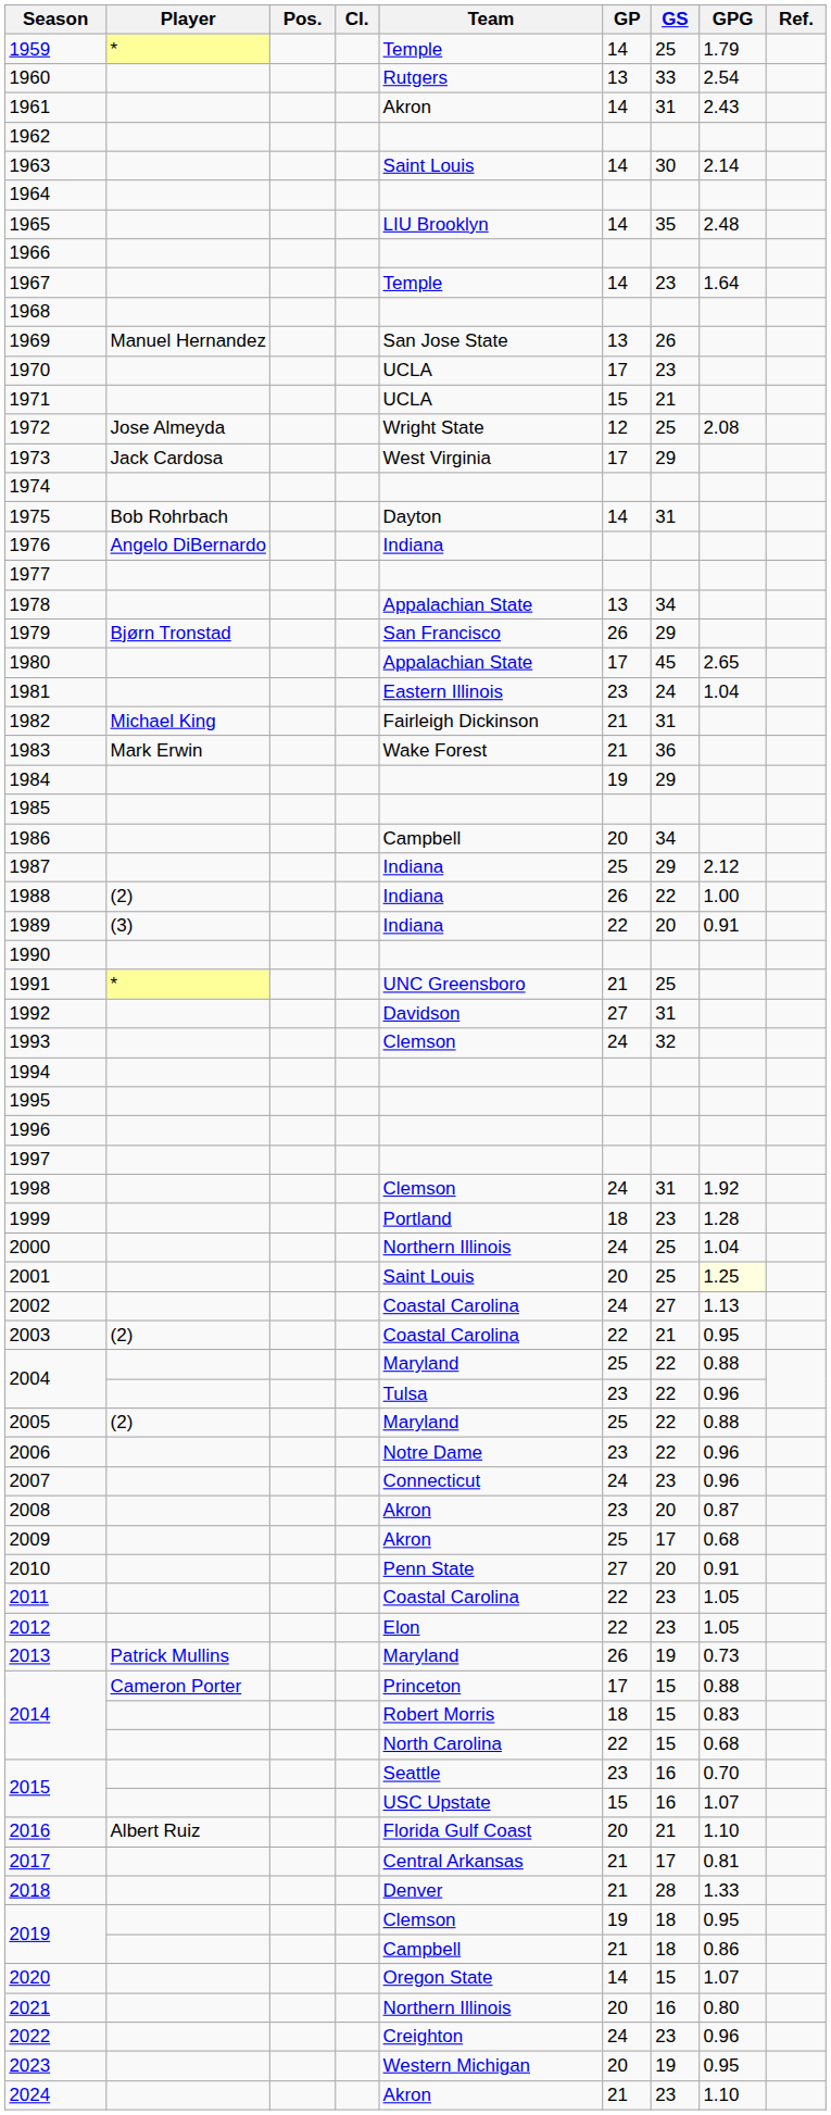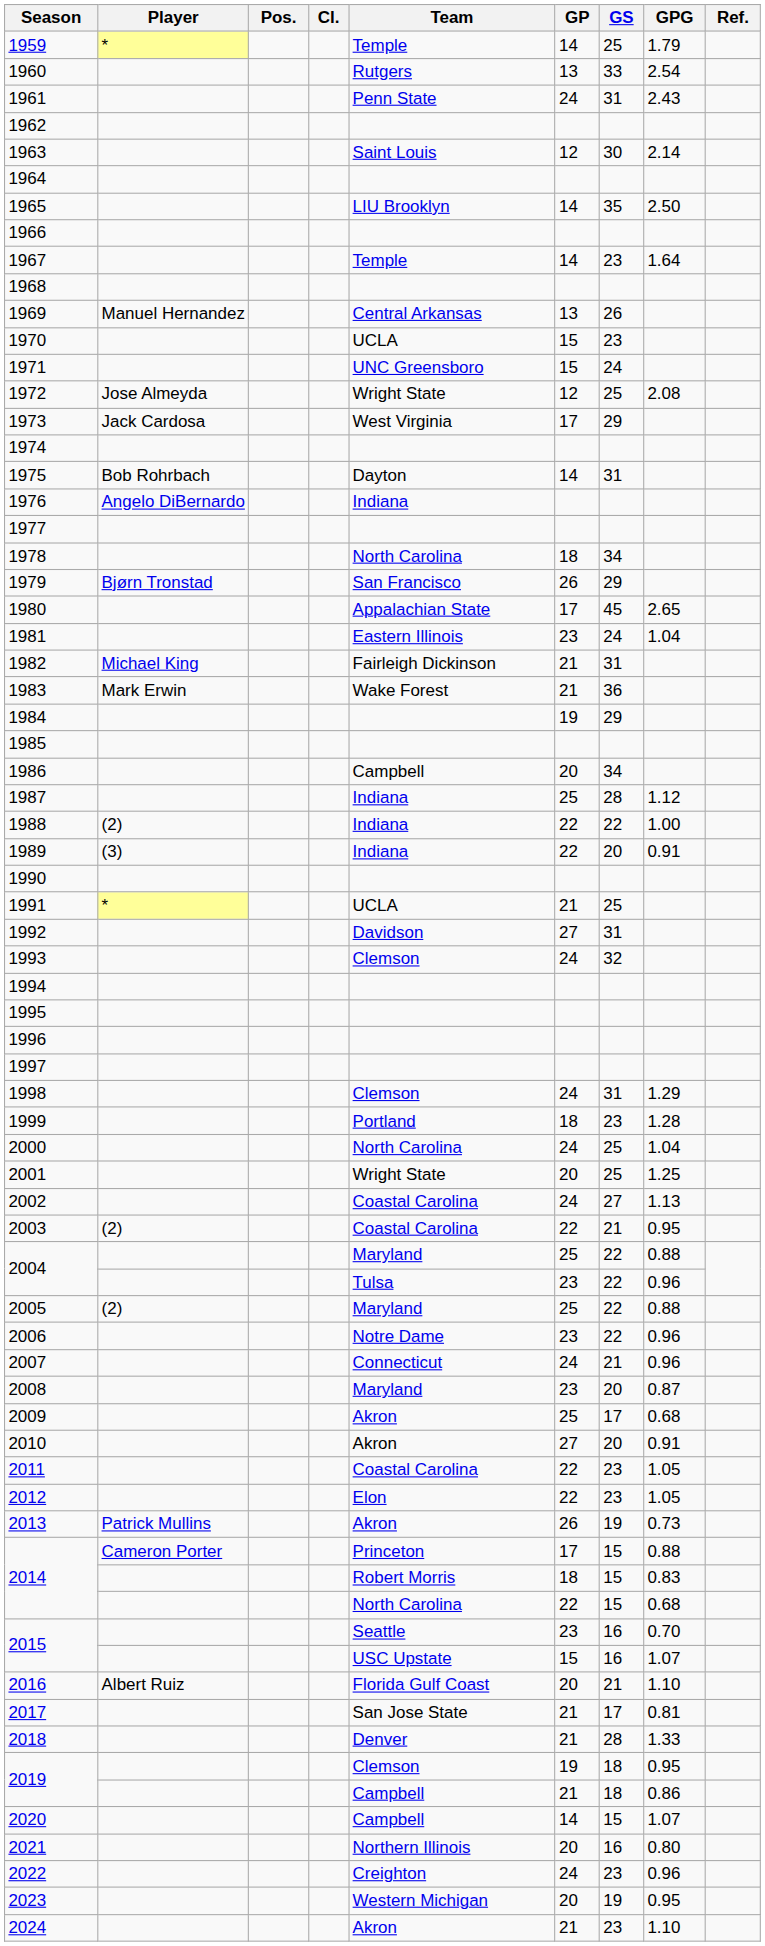 <table class="wikitable sortable">
 <tr>
 <th>Season</th>
 <th width=20%>Player</th>
 <th>Pos.</th>
 <th>Cl.</th>
 <th>Team</th>
 <th>GP</th>
 <th><a href='#'>GS</a></th>
 <th>GPG</th>
 <th>Ref.</th>
 </tr>
 <tr>
 <td><a href='#'>1959</a></td>
 <td style="background-color:#FFFF99;">*</td>
 <td></td>
 <td></td>
 <td><a href='#'>Temple</a></td>
 <td>14</td>
 <td>25</td>
 <td>1.79</td>
 <td></td>
 </tr>
 <tr>
 <td>1960</td>
 <td></td>
 <td></td>
 <td></td>
 <td><a href='#'>Rutgers</a></td>
 <td>13</td>
 <td>33</td>
 <td>2.54</td>
 <td></td>
 </tr>
 <tr>
 <td>1961</td>
 <td></td>
 <td></td>
 <td></td>
-<td>Akron</td>
-<td>14</td>
+<td><a href='#'>Penn State</a></td>
+<td>24</td>
 <td>31</td>
 <td>2.43</td>
 <td></td>
 </tr>
 <tr>
 <td>1962</td>
 <td></td>
 <td></td>
 <td></td>
 <td></td>
 <td></td>
 <td></td>
 <td></td>
 <td></td>
 </tr>
 <tr>
 <td>1963</td>
 <td></td>
 <td></td>
 <td></td>
 <td><a href='#'>Saint Louis</a></td>
-<td>14</td>
+<td>12</td>
 <td>30</td>
 <td>2.14</td>
 <td></td>
 </tr>
 <tr>
 <td>1964</td>
 <td></td>
 <td></td>
 <td></td>
 <td></td>
 <td></td>
 <td></td>
 <td></td>
 <td></td>
 </tr>
 <tr>
 <td>1965</td>
 <td></td>
 <td></td>
 <td></td>
 <td><a href='#'>LIU Brooklyn</a></td>
 <td>14</td>
 <td>35</td>
-<td>2.48</td>
+<td>2.50</td>
 <td></td>
 </tr>
 <tr>
 <td>1966</td>
 <td></td>
 <td></td>
 <td></td>
 <td></td>
 <td></td>
 <td></td>
 <td></td>
 <td></td>
 </tr>
 <tr>
 <td>1967</td>
 <td></td>
 <td></td>
 <td></td>
 <td><a href='#'>Temple</a></td>
 <td>14</td>
 <td>23</td>
 <td>1.64</td>
 <td></td>
 </tr>
 <tr>
 <td>1968</td>
 <td></td>
 <td></td>
 <td></td>
 <td></td>
 <td></td>
 <td></td>
 <td></td>
 <td></td>
 </tr>
 <tr>
 <td>1969</td>
 <td>Manuel Hernandez</td>
 <td></td>
 <td></td>
-<td>San Jose State</td>
+<td><a href='#'>Central Arkansas</a></td>
 <td>13</td>
 <td>26</td>
 <td></td>
 <td></td>
 </tr>
 <tr>
 <td>1970</td>
 <td></td>
 <td></td>
 <td></td>
 <td>UCLA</td>
-<td>17</td>
+<td>15</td>
 <td>23</td>
 <td></td>
 <td></td>
 </tr>
 <tr>
 <td>1971</td>
 <td></td>
 <td></td>
 <td></td>
-<td>UCLA</td>
+<td><a href='#'>UNC Greensboro</a></td>
 <td>15</td>
-<td>21</td>
+<td>24</td>
 <td></td>
 <td></td>
 </tr>
 <tr>
 <td>1972</td>
 <td>Jose Almeyda</td>
 <td></td>
 <td></td>
 <td>Wright State</td>
 <td>12</td>
 <td>25</td>
 <td>2.08</td>
 <td></td>
 </tr>
 <tr>
 <td>1973</td>
 <td>Jack Cardosa</td>
 <td></td>
 <td></td>
 <td>West Virginia</td>
 <td>17</td>
 <td>29</td>
 <td></td>
 <td></td>
 </tr>
 <tr>
 <td>1974</td>
 <td></td>
 <td></td>
 <td></td>
 <td></td>
 <td></td>
 <td></td>
 <td></td>
 <td></td>
 </tr>
 <tr>
 <td>1975</td>
 <td>Bob Rohrbach</td>
 <td></td>
 <td></td>
 <td>Dayton</td>
 <td>14</td>
 <td>31</td>
 <td></td>
 <td></td>
 </tr>
 <tr>
 <td>1976</td>
 <td><a href='#'>Angelo DiBernardo</a></td>
 <td></td>
 <td></td>
 <td><a href='#'>Indiana</a></td>
 <td></td>
 <td></td>
 <td></td>
 <td></td>
 </tr>
 <tr>
 <td>1977</td>
 <td></td>
 <td></td>
 <td></td>
 <td></td>
 <td></td>
 <td></td>
 <td></td>
 <td></td>
 </tr>
 <tr>
 <td>1978</td>
 <td></td>
 <td></td>
 <td></td>
-<td><a href='#'>Appalachian State</a></td>
-<td>13</td>
+<td><a href='#'>North Carolina</a></td>
+<td>18</td>
 <td>34</td>
 <td></td>
 <td></td>
 </tr>
 <tr>
 <td>1979</td>
 <td><a href='#'>Bjørn Tronstad</a></td>
 <td></td>
 <td></td>
 <td><a href='#'>San Francisco</a></td>
 <td>26</td>
 <td>29</td>
 <td></td>
 <td></td>
 </tr>
 <tr>
 <td>1980</td>
 <td></td>
 <td></td>
 <td></td>
 <td><a href='#'>Appalachian State</a></td>
 <td>17</td>
 <td>45</td>
 <td>2.65</td>
 <td></td>
 </tr>
 <tr>
 <td>1981</td>
 <td></td>
 <td></td>
 <td></td>
 <td><a href='#'>Eastern Illinois</a></td>
 <td>23</td>
 <td>24</td>
 <td>1.04</td>
 <td></td>
 </tr>
 <tr>
 <td>1982</td>
 <td><a href='#'>Michael King</a></td>
 <td></td>
 <td></td>
 <td>Fairleigh Dickinson</td>
 <td>21</td>
 <td>31</td>
 <td></td>
 <td></td>
 </tr>
 <tr>
 <td>1983</td>
 <td>Mark Erwin</td>
 <td></td>
 <td></td>
 <td>Wake Forest</td>
 <td>21</td>
 <td>36</td>
 <td></td>
 <td></td>
 </tr>
 <tr>
 <td>1984</td>
 <td></td>
 <td></td>
 <td></td>
 <td></td>
 <td>19</td>
 <td>29</td>
 <td></td>
 <td></td>
 </tr>
 <tr>
 <td>1985</td>
 <td></td>
 <td></td>
 <td></td>
 <td></td>
 <td></td>
 <td></td>
 <td></td>
 <td></td>
 </tr>
 <tr>
 <td>1986</td>
 <td></td>
 <td></td>
 <td></td>
 <td>Campbell</td>
 <td>20</td>
 <td>34</td>
 <td></td>
 <td></td>
 </tr>
 <tr>
 <td>1987</td>
 <td></td>
 <td></td>
 <td></td>
 <td><a href='#'>Indiana</a></td>
 <td>25</td>
-<td>29</td>
-<td>2.12</td>
+<td>28</td>
+<td>1.12</td>
 <td></td>
 </tr>
 <tr>
 <td>1988</td>
 <td> (2)</td>
 <td></td>
 <td></td>
 <td><a href='#'>Indiana</a></td>
-<td>26</td>
+<td>22</td>
 <td>22</td>
 <td>1.00</td>
 <td></td>
 </tr>
 <tr>
 <td>1989</td>
 <td> (3)</td>
 <td></td>
 <td></td>
 <td><a href='#'>Indiana</a></td>
 <td>22</td>
 <td>20</td>
 <td>0.91</td>
 <td></td>
 </tr>
 <tr>
 <td>1990</td>
 <td></td>
 <td></td>
 <td></td>
 <td></td>
 <td></td>
 <td></td>
 <td></td>
 <td></td>
 </tr>
 <tr>
 <td>1991</td>
 <td style="background-color:#FFFF99;">*</td>
 <td></td>
 <td></td>
-<td><a href='#'>UNC Greensboro</a></td>
+<td>UCLA</td>
 <td>21</td>
 <td>25</td>
 <td></td>
 <td></td>
 </tr>
 <tr>
 <td>1992</td>
 <td></td>
 <td></td>
 <td></td>
 <td><a href='#'>Davidson</a></td>
 <td>27</td>
 <td>31</td>
 <td></td>
 <td></td>
 </tr>
 <tr>
 <td>1993</td>
 <td></td>
 <td></td>
 <td></td>
 <td><a href='#'>Clemson</a></td>
 <td>24</td>
 <td>32</td>
 <td></td>
 <td></td>
 </tr>
 <tr>
 <td>1994</td>
 <td></td>
 <td></td>
 <td></td>
 <td></td>
 <td></td>
 <td></td>
 <td></td>
 <td></td>
 </tr>
 <tr>
 <td>1995</td>
 <td></td>
 <td></td>
 <td></td>
 <td></td>
 <td></td>
 <td></td>
 <td></td>
 <td></td>
 </tr>
 <tr>
 <td>1996</td>
 <td></td>
 <td></td>
 <td></td>
 <td></td>
 <td></td>
 <td></td>
 <td></td>
 <td></td>
 </tr>
 <tr>
 <td>1997</td>
 <td></td>
 <td></td>
 <td></td>
 <td></td>
 <td></td>
 <td></td>
 <td></td>
 <td></td>
 </tr>
 <tr>
 <td>1998</td>
 <td></td>
 <td></td>
 <td></td>
 <td><a href='#'>Clemson</a></td>
 <td>24</td>
 <td>31</td>
-<td>1.92</td>
+<td>1.29</td>
 <td></td>
 </tr>
 <tr>
 <td>1999</td>
 <td></td>
 <td></td>
 <td></td>
 <td><a href='#'>Portland</a></td>
 <td>18</td>
 <td>23</td>
 <td>1.28</td>
 <td></td>
 </tr>
 <tr>
 <td>2000</td>
 <td></td>
 <td></td>
 <td></td>
-<td><a href='#'>Northern Illinois</a></td>
+<td><a href='#'>North Carolina</a></td>
 <td>24</td>
 <td>25</td>
 <td>1.04</td>
 <td></td>
 </tr>
 <tr>
 <td>2001</td>
 <td></td>
 <td></td>
 <td></td>
-<td><a href='#'>Saint Louis</a></td>
+<td>Wright State</td>
 <td>20</td>
 <td>25</td>
-<td style="background: lightyellow;">1.25</td>
+<td>1.25</td>
 <td></td>
 </tr>
 <tr>
 <td>2002</td>
 <td></td>
 <td></td>
 <td></td>
 <td><a href='#'>Coastal Carolina</a></td>
 <td>24</td>
 <td>27</td>
 <td>1.13</td>
 <td></td>
 </tr>
 <tr>
 <td>2003</td>
 <td> (2)</td>
 <td></td>
 <td></td>
 <td><a href='#'>Coastal Carolina</a></td>
 <td>22</td>
 <td>21</td>
 <td>0.95</td>
 <td></td>
 </tr>
 <tr>
 <td rowspan="2">2004</td>
 <td></td>
 <td></td>
 <td></td>
 <td><a href='#'>Maryland</a></td>
 <td>25</td>
 <td>22</td>
 <td>0.88</td>
 <td rowspan="2"></td>
 </tr>
 <tr>
 <td></td>
 <td></td>
 <td></td>
 <td><a href='#'>Tulsa</a></td>
 <td>23</td>
 <td>22</td>
 <td>0.96</td>
 </tr>
 <tr>
 <td>2005</td>
 <td> (2)</td>
 <td></td>
 <td></td>
 <td><a href='#'>Maryland</a></td>
 <td>25</td>
 <td>22</td>
 <td>0.88</td>
 <td></td>
 </tr>
 <tr>
 <td>2006</td>
 <td></td>
 <td></td>
 <td></td>
 <td><a href='#'>Notre Dame</a></td>
 <td>23</td>
 <td>22</td>
 <td>0.96</td>
 <td></td>
 </tr>
 <tr>
 <td>2007</td>
 <td></td>
 <td></td>
 <td></td>
 <td><a href='#'>Connecticut</a></td>
 <td>24</td>
-<td>23</td>
+<td>21</td>
 <td>0.96</td>
 <td></td>
 </tr>
 <tr>
 <td>2008</td>
 <td></td>
 <td></td>
 <td></td>
-<td><a href='#'>Akron</a></td>
+<td><a href='#'>Maryland</a></td>
 <td>23</td>
 <td>20</td>
 <td>0.87</td>
 <td></td>
 </tr>
 <tr>
 <td>2009</td>
 <td></td>
 <td></td>
 <td></td>
 <td><a href='#'>Akron</a></td>
 <td>25</td>
 <td>17</td>
 <td>0.68</td>
 <td></td>
 </tr>
 <tr>
 <td>2010</td>
 <td></td>
 <td></td>
 <td></td>
-<td><a href='#'>Penn State</a></td>
+<td>Akron</td>
 <td>27</td>
 <td>20</td>
 <td>0.91</td>
 <td></td>
 </tr>
 <tr>
 <td><a href='#'>2011</a></td>
 <td></td>
 <td></td>
 <td></td>
 <td><a href='#'>Coastal Carolina</a></td>
 <td>22</td>
 <td>23</td>
 <td>1.05</td>
 <td></td>
 </tr>
 <tr>
 <td><a href='#'>2012</a></td>
 <td></td>
 <td></td>
 <td></td>
 <td><a href='#'>Elon</a></td>
 <td>22</td>
 <td>23</td>
 <td>1.05</td>
 <td></td>
 </tr>
 <tr>
 <td><a href='#'>2013</a></td>
 <td><a href='#'>Patrick Mullins</a></td>
 <td></td>
 <td></td>
-<td><a href='#'>Maryland</a></td>
+<td><a href='#'>Akron</a></td>
 <td>26</td>
 <td>19</td>
 <td>0.73</td>
 <td></td>
 </tr>
 <tr>
 <td rowspan="3"><a href='#'>2014</a></td>
 <td><a href='#'>Cameron Porter</a></td>
 <td></td>
 <td></td>
 <td><a href='#'>Princeton</a></td>
 <td>17</td>
 <td>15</td>
 <td>0.88</td>
 <td></td>
 </tr>
 <tr>
 <td></td>
 <td></td>
 <td></td>
 <td><a href='#'>Robert Morris</a></td>
 <td>18</td>
 <td>15</td>
 <td>0.83</td>
 <td></td>
 </tr>
 <tr>
 <td></td>
 <td></td>
 <td></td>
 <td><a href='#'>North Carolina</a></td>
 <td>22</td>
 <td>15</td>
 <td>0.68</td>
 <td></td>
 </tr>
 <tr>
 <td rowspan="2"><a href='#'>2015</a></td>
 <td></td>
 <td></td>
 <td></td>
 <td><a href='#'>Seattle</a></td>
 <td>23</td>
 <td>16</td>
 <td>0.70</td>
 <td></td>
 </tr>
 <tr>
 <td></td>
 <td></td>
 <td></td>
 <td><a href='#'>USC Upstate</a></td>
 <td>15</td>
 <td>16</td>
 <td>1.07</td>
 <td></td>
 </tr>
 <tr>
 <td><a href='#'>2016</a></td>
 <td>Albert Ruiz</td>
 <td></td>
 <td></td>
 <td><a href='#'>Florida Gulf Coast</a></td>
 <td>20</td>
 <td>21</td>
 <td>1.10</td>
 <td></td>
 </tr>
 <tr>
 <td><a href='#'>2017</a></td>
 <td></td>
 <td></td>
 <td></td>
-<td><a href='#'>Central Arkansas</a></td>
+<td>San Jose State</td>
 <td>21</td>
 <td>17</td>
 <td>0.81</td>
 <td></td>
 </tr>
 <tr>
 <td><a href='#'>2018</a></td>
 <td></td>
 <td></td>
 <td></td>
 <td><a href='#'>Denver</a></td>
 <td>21</td>
 <td>28</td>
 <td>1.33</td>
 <td></td>
 </tr>
 <tr>
 <td rowspan="2"><a href='#'>2019</a></td>
 <td></td>
 <td></td>
 <td></td>
 <td><a href='#'>Clemson</a></td>
 <td>19</td>
 <td>18</td>
 <td>0.95</td>
 <td></td>
 </tr>
 <tr>
 <td></td>
 <td></td>
 <td></td>
 <td><a href='#'>Campbell</a></td>
 <td>21</td>
 <td>18</td>
 <td>0.86</td>
 <td></td>
 </tr>
 <tr>
 <td><a href='#'>2020</a></td>
 <td></td>
 <td></td>
 <td></td>
-<td><a href='#'>Oregon State</a></td>
+<td><a href='#'>Campbell</a></td>
 <td>14</td>
 <td>15</td>
 <td>1.07</td>
 <td></td>
 </tr>
 <tr>
 <td><a href='#'>2021</a></td>
 <td></td>
 <td></td>
 <td></td>
 <td><a href='#'>Northern Illinois</a></td>
 <td>20</td>
 <td>16</td>
 <td>0.80</td>
 <td></td>
 </tr>
 <tr>
 <td><a href='#'>2022</a></td>
 <td></td>
 <td></td>
 <td></td>
 <td><a href='#'>Creighton</a></td>
 <td>24</td>
 <td>23</td>
 <td>0.96</td>
 <td></td>
 </tr>
 <tr>
 <td><a href='#'>2023</a></td>
 <td></td>
 <td></td>
 <td></td>
 <td><a href='#'>Western Michigan</a></td>
 <td>20</td>
 <td>19</td>
 <td>0.95</td>
 <td></td>
 </tr>
 <tr>
 <td><a href='#'>2024</a></td>
 <td></td>
 <td></td>
 <td></td>
 <td><a href='#'>Akron</a></td>
 <td>21</td>
 <td>23</td>
 <td>1.10</td>
 <td></td>
 </tr>
 </table>
